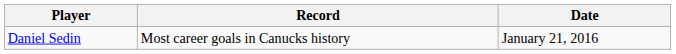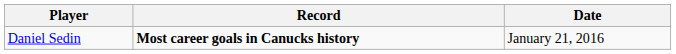 <table class="wikitable" style="width:60%;">
 <tr>
 <th>Player</th>
 <th>Record</th>
 <th>Date</th>
 </tr>
 <tr>
 <td><a href='#'>Daniel Sedin</a></td>
-<td>Most career goals in Canucks history</td>
+<td><strong>Most career goals in Canucks history</strong></td>
 <td>January 21, 2016</td>
 </tr>
 </table>
